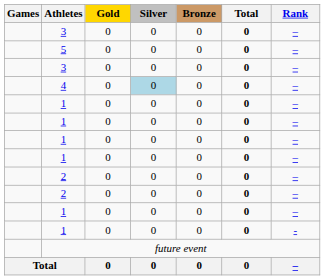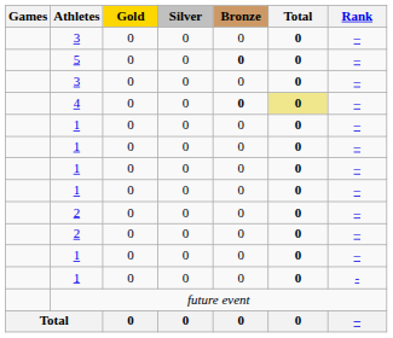 <table class="wikitable" style="text-align:center; font-size:90%;">
 <tr>
 <th>Games</th>
 <th>Athletes</th>
 <td style="background:gold; width:3.7em; font-weight:bold;">Gold</td>
 <td style="background:silver; width:3.7em; font-weight:bold;">Silver</td>
 <td style="background:#cc9966; width:3.7em; font-weight:bold;">Bronze</td>
 <th style="width:4em; font-weight:bold;">Total</th>
 <th style="width:4em; font-weight:bold;"><a href='#'>Rank</a></th>
 </tr>
 <tr>
 <td align=left></td>
 <td><a href='#'>3</a></td>
 <td>0</td>
 <td>0</td>
 <td>0</td>
 <td><strong>0</strong></td>
 <td><a href='#'>–</a></td>
 </tr>
 <tr>
 <td align=left></td>
 <td><a href='#'>5</a></td>
 <td>0</td>
 <td>0</td>
-<td>0</td>
+<td><strong>0</strong></td>
 <td><strong>0</strong></td>
 <td><a href='#'>–</a></td>
 </tr>
 <tr>
 <td align=left></td>
 <td><a href='#'>3</a></td>
 <td>0</td>
 <td>0</td>
 <td>0</td>
 <td><strong>0</strong></td>
 <td><a href='#'>–</a></td>
 </tr>
 <tr>
 <td align=left></td>
 <td><a href='#'>4</a></td>
 <td>0</td>
-<td style="background: lightblue;">0</td>
 <td>0</td>
 <td><strong>0</strong></td>
+<td style="background: khaki;"><strong>0</strong></td>
 <td><a href='#'>–</a></td>
 </tr>
 <tr>
 <td align=left></td>
 <td><a href='#'>1</a></td>
 <td>0</td>
 <td>0</td>
 <td>0</td>
 <td><strong>0</strong></td>
 <td><a href='#'>–</a></td>
 </tr>
 <tr>
 <td align=left></td>
 <td><a href='#'>1</a></td>
 <td>0</td>
 <td>0</td>
 <td>0</td>
 <td><strong>0</strong></td>
 <td><a href='#'>–</a></td>
 </tr>
 <tr>
 <td align=left></td>
 <td><a href='#'>1</a></td>
 <td>0</td>
 <td>0</td>
 <td>0</td>
 <td><strong>0</strong></td>
 <td><a href='#'>–</a></td>
 </tr>
 <tr>
 <td align=left></td>
 <td><a href='#'>1</a></td>
 <td>0</td>
 <td>0</td>
 <td>0</td>
 <td><strong>0</strong></td>
 <td><a href='#'>–</a></td>
 </tr>
 <tr>
 <td align=left></td>
 <td><a href='#'>2</a></td>
 <td>0</td>
 <td>0</td>
 <td>0</td>
 <td><strong>0</strong></td>
 <td><a href='#'>–</a></td>
 </tr>
 <tr>
 <td align=left></td>
 <td><a href='#'>2</a></td>
 <td>0</td>
 <td>0</td>
 <td>0</td>
 <td><strong>0</strong></td>
 <td><a href='#'>–</a></td>
 </tr>
 <tr>
 <td align=left></td>
 <td><a href='#'>1</a></td>
 <td>0</td>
 <td>0</td>
 <td>0</td>
 <td><strong>0</strong></td>
 <td><a href='#'>–</a></td>
 </tr>
 <tr>
 <td align=left></td>
 <td><a href='#'>1</a></td>
 <td>0</td>
 <td>0</td>
 <td>0</td>
 <td><strong>0</strong></td>
 <td><a href='#'>-</a></td>
 </tr>
 <tr>
 <td align=left></td>
 <td colspan=6><em>future event</em></td>
 </tr>
 <tr>
 <th colspan=2>Total</th>
 <th>0</th>
 <th>0</th>
 <th>0</th>
 <th>0</th>
 <th><a href='#'>–</a></th>
 </tr>
 </table>
